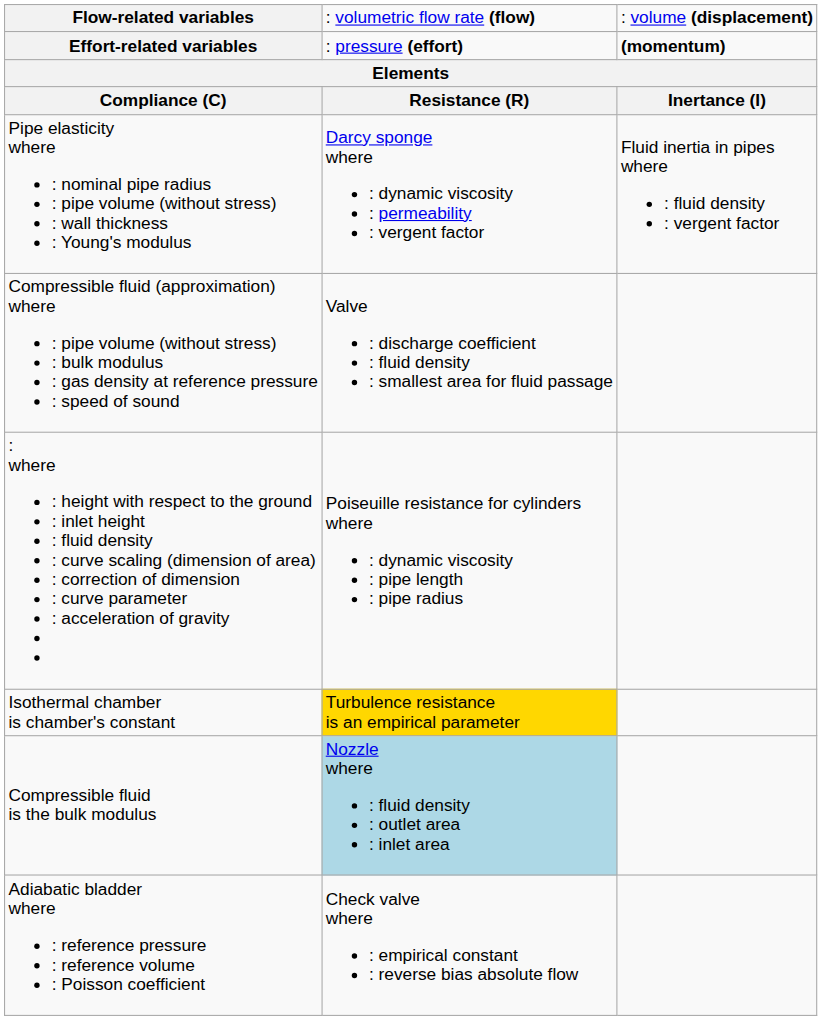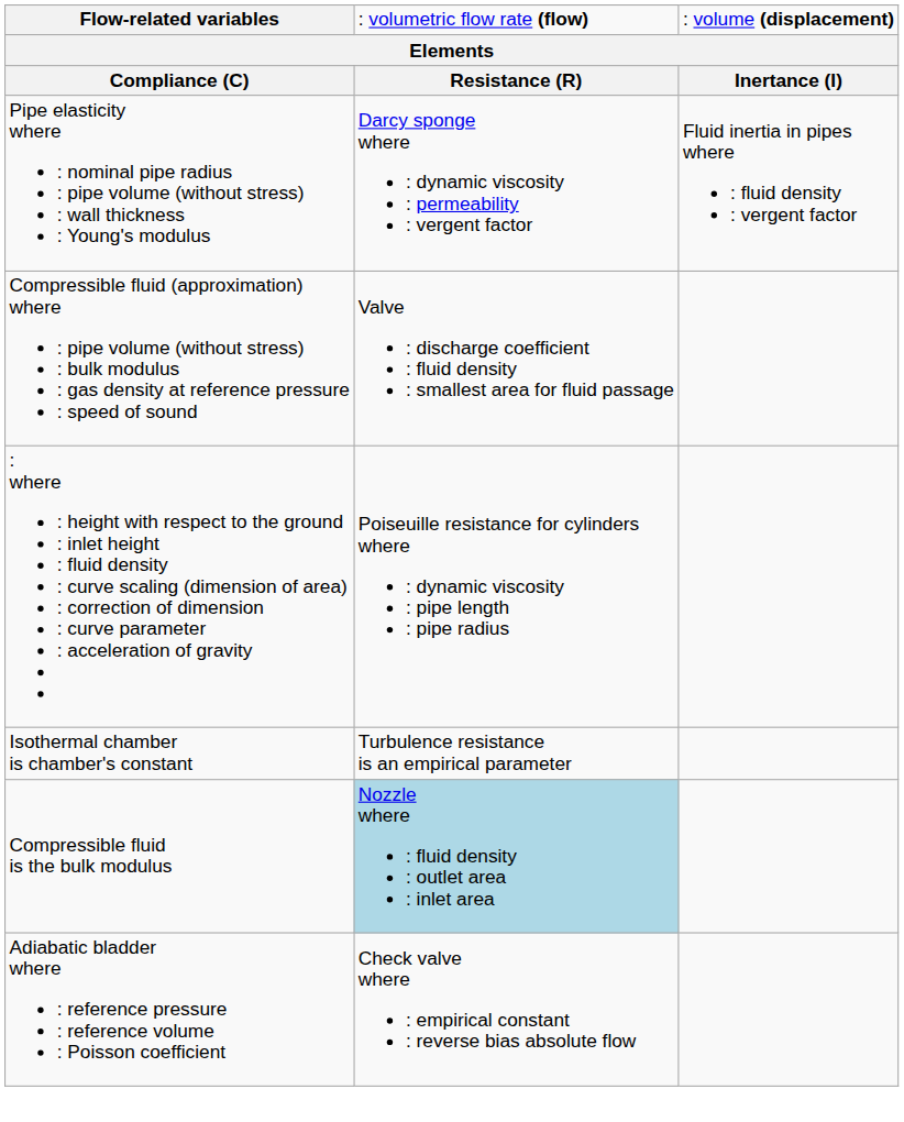 <table class="wikitable">
 <tr>
 <th>Flow-related variables</th>
 <td>: <a href='#'>volumetric flow rate</a> <strong>(flow)</strong></td>
 <td>: <a href='#'>volume</a> <strong>(displacement)</strong></td>
-</tr>
-<tr>
-<th>Effort-related variables</th>
-<td>: <a href='#'>pressure</a> <strong>(effort)</strong></td>
-<td> <strong>(momentum)</strong></td>
 </tr>
 <tr>
 <th colspan="3">Elements</th>
 </tr>
 <tr>
 <th>Compliance (C)</th>
 <th>Resistance (R)</th>
 <th>Inertance (I)</th>
 </tr>
 <tr>
 <td>Pipe elasticity<br> where<ul><li>: nominal pipe radius</li><li>: pipe volume (without stress)</li><li>: wall thickness</li><li>: Young's modulus</li></ul></td>
 <td><a href='#'>Darcy sponge</a><br> where<ul><li>: dynamic viscosity</li><li>: <a href='#'>permeability</a></li><li>: vergent factor</li></ul></td>
 <td>Fluid inertia in pipes<br> where<ul><li>: fluid density</li><li>: vergent factor</li></ul></td>
 </tr>
 <tr>
 <td>Compressible fluid (approximation)<br> where<ul><li>: pipe volume (without stress)</li><li>: bulk modulus</li><li>: gas density at reference pressure</li><li>: speed of sound</li></ul></td>
 <td>Valve<br><ul><li>: discharge coefficient</li><li>: fluid density</li><li>: smallest area for fluid passage</li></ul></td>
 <td></td>
 </tr>
 <tr>
 <td>:<br> where<ul><li>: height with respect to the ground</li><li>: inlet height</li><li>: fluid density</li><li>: curve scaling (dimension of area)</li><li>: correction of dimension</li><li>: curve parameter</li><li>: acceleration of gravity</li><li></li><li></li></ul></td>
 <td>Poiseuille resistance for cylinders<br> where<ul><li>: dynamic viscosity</li><li>: pipe length</li><li>: pipe radius</li></ul></td>
 <td></td>
 </tr>
 <tr>
 <td>Isothermal chamber<br> is chamber's constant</td>
-<td style="background: gold;">Turbulence resistance<br> is an empirical parameter</td>
+<td>Turbulence resistance<br> is an empirical parameter</td>
 <td></td>
 </tr>
 <tr>
 <td>Compressible fluid<br> is the bulk modulus</td>
 <td style="background: lightblue;"><a href='#'>Nozzle</a><br> where<ul><li>: fluid density</li><li>: outlet area</li><li>: inlet area</li></ul></td>
 <td></td>
 </tr>
 <tr>
 <td>Adiabatic bladder<br> where<ul><li>: reference pressure</li><li>: reference volume</li><li>: Poisson coefficient</li></ul></td>
 <td>Check valve<br> where<ul><li>: empirical constant</li><li>: reverse bias absolute flow</li></ul></td>
 <td></td>
 </tr>
 </table>
